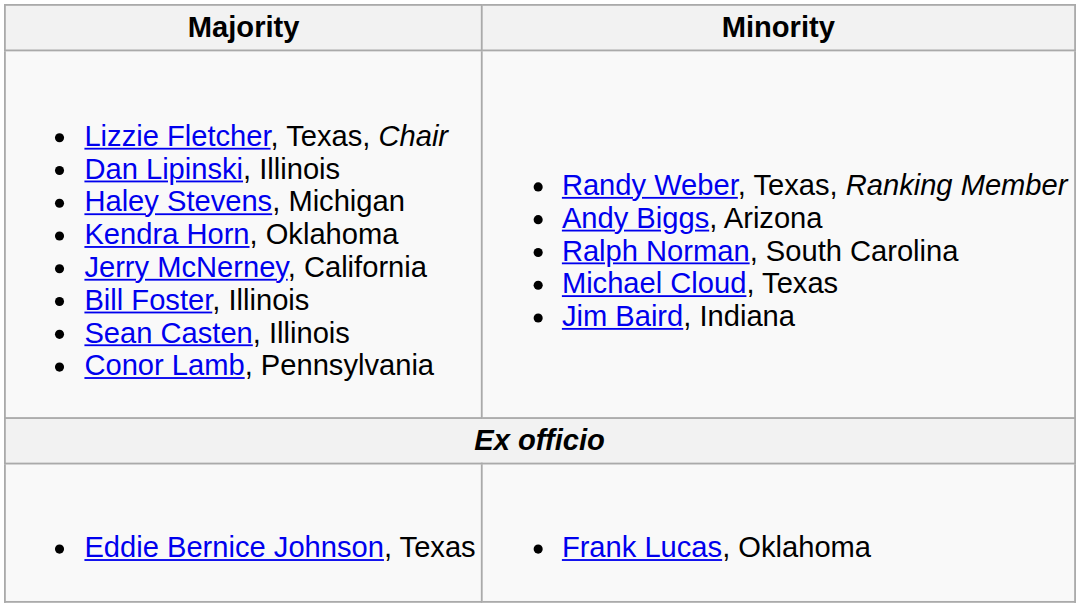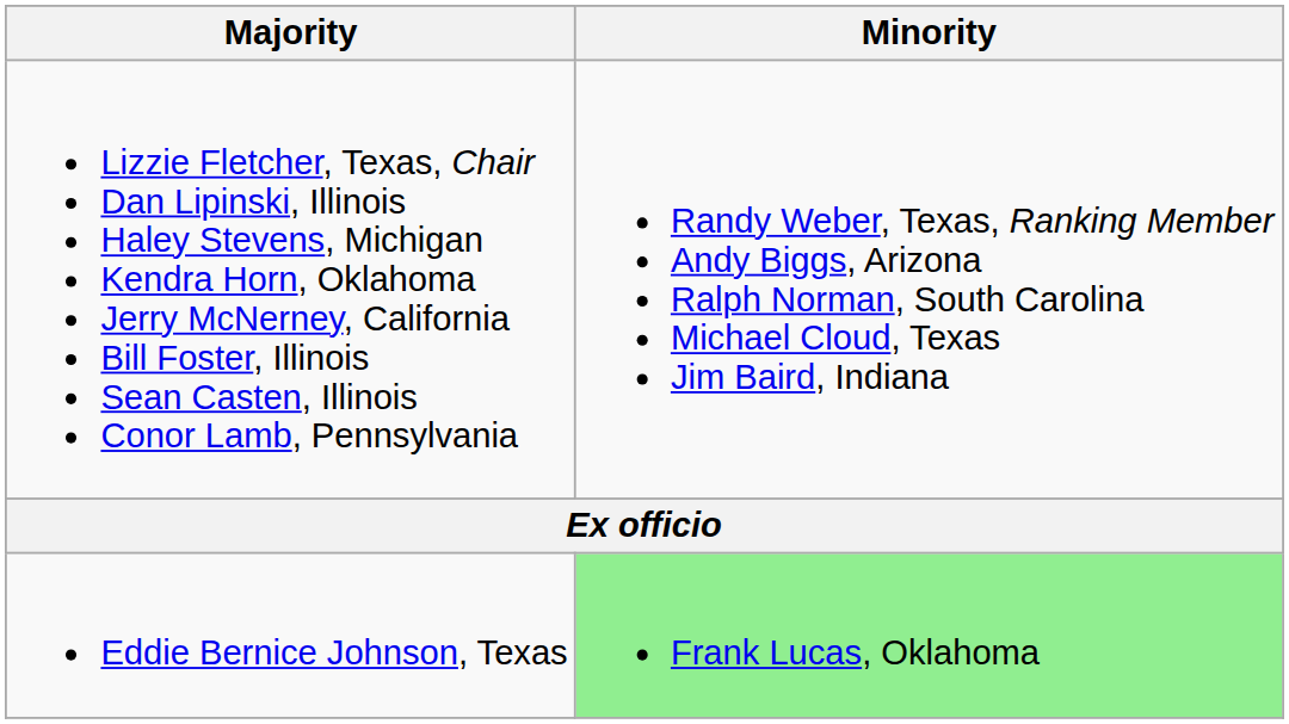 <table class=wikitable>
 <tr>
 <th>Majority</th>
 <th>Minority</th>
 </tr>
 <tr>
 <td><br><ul><li><a href='#'>Lizzie Fletcher</a>, Texas, <em>Chair</em></li><li><a href='#'>Dan Lipinski</a>, Illinois</li><li><a href='#'>Haley Stevens</a>, Michigan</li><li><a href='#'>Kendra Horn</a>, Oklahoma</li><li><a href='#'>Jerry McNerney</a>, California</li><li><a href='#'>Bill Foster</a>, Illinois</li><li><a href='#'>Sean Casten</a>, Illinois</li><li><a href='#'>Conor Lamb</a>, Pennsylvania</li></ul></td>
 <td><br><ul><li><a href='#'>Randy Weber</a>, Texas, <em>Ranking Member</em></li><li><a href='#'>Andy Biggs</a>, Arizona</li><li><a href='#'>Ralph Norman</a>, South Carolina</li><li><a href='#'>Michael Cloud</a>, Texas</li><li><a href='#'>Jim Baird</a>, Indiana</li></ul></td>
 </tr>
 <tr>
 <th colspan=2><em>Ex officio</em></th>
 </tr>
 <tr>
 <td><br><ul><li><a href='#'>Eddie Bernice Johnson</a>, Texas</li></ul></td>
-<td><br><ul><li><a href='#'>Frank Lucas</a>, Oklahoma</li></ul></td>
+<td style="background: lightgreen;"><br><ul><li><a href='#'>Frank Lucas</a>, Oklahoma</li></ul></td>
 </tr>
 </table>
